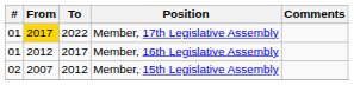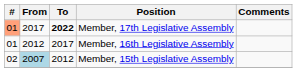 <table class="wikitable sortable">
 <tr>
 <th>#</th>
 <th>From</th>
 <th>To</th>
 <th>Position</th>
 <th>Comments</th>
 </tr>
 <tr>
-<td>01</td>
-<td style="background: gold;">2017</td>
-<td>2022</td>
+<td style="background: lightsalmon;">01</td>
+<td>2017</td>
+<td><strong>2022</strong></td>
 <td>Member, <a href='#'>17th Legislative Assembly</a></td>
 <td></td>
 </tr>
 <tr>
 <td>01</td>
 <td>2012</td>
 <td>2017</td>
 <td>Member, <a href='#'>16th Legislative Assembly</a></td>
 <td></td>
 </tr>
 <tr>
 <td>02</td>
-<td>2007</td>
+<td style="background: lightblue;">2007</td>
 <td>2012</td>
 <td>Member, <a href='#'>15th Legislative Assembly</a></td>
 <td></td>
 </tr>
 <tr>
 </tr>
 </table>
